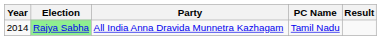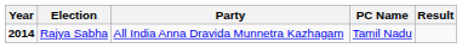 <table class="sortable wikitable"style="font-size: 90%">
 <tr>
 <th>Year</th>
 <th>Election</th>
 <th>Party</th>
 <th>PC Name</th>
 <th>Result</th>
 </tr>
 <tr>
-<td>2014</td>
-<td style="background: lightgreen;"><a href='#'>Rajya Sabha</a></td>
+<td><strong>2014</strong></td>
+<td><a href='#'>Rajya Sabha</a></td>
 <td><a href='#'>All India Anna Dravida Munnetra Kazhagam</a> </td>
 <td><a href='#'>Tamil Nadu</a></td>
 <td></td>
 </tr>
 </table>
